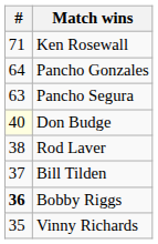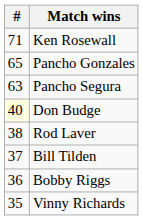 <table class=wikitable style="display:inline-table;">
 <tr>
 <th width=20>#</th>
 <th>Match wins</th>
 </tr>
 <tr>
 <td>71</td>
 <td> Ken Rosewall</td>
 </tr>
 <tr>
-<td>64</td>
+<td>65</td>
 <td> Pancho Gonzales</td>
 </tr>
 <tr>
 <td>63</td>
 <td> Pancho Segura</td>
 </tr>
 <tr>
 <td style="background: lightyellow;">40</td>
 <td> Don Budge</td>
 </tr>
 <tr>
 <td>38</td>
 <td> Rod Laver</td>
 </tr>
 <tr>
 <td>37</td>
 <td> Bill Tilden</td>
 </tr>
 <tr>
-<td><strong>36</strong></td>
+<td>36</td>
 <td> Bobby Riggs</td>
 </tr>
 <tr>
 <td>35</td>
 <td> Vinny Richards</td>
 </tr>
 </table>
